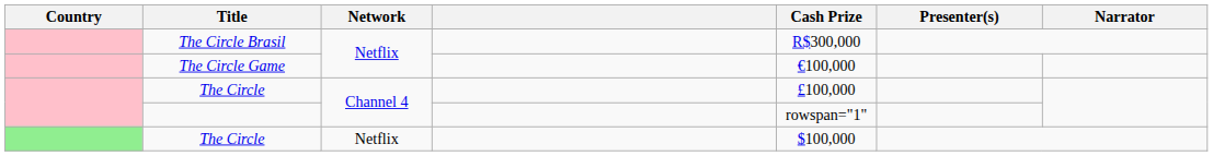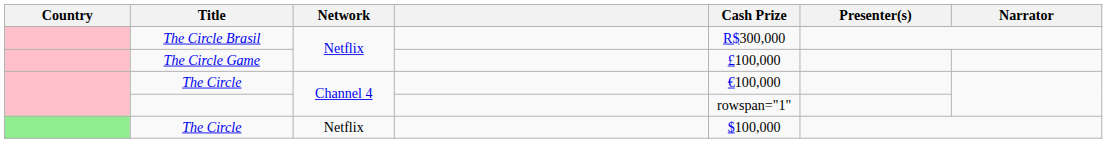 <table class="wikitable" style="text-align:center; line-height:18px;">
 <tr>
 <th scope="col" width="10%">Country</th>
 <th scope="col" width="13%">Title</th>
 <th scope="col" width="08%">Network</th>
 <th scope="col" width="25%"></th>
 <th scope="col" width="07%">Cash Prize</th>
 <th scope="col" width="12%">Presenter(s)</th>
 <th scope="col" width="12%">Narrator</th>
 </tr>
 <tr>
 <td align="left" bgcolor="#FFC0CB"></td>
 <td><em><a href='#'>The Circle Brasil</a></em></td>
 <td rowspan=2><a href='#'>Netflix</a></td>
 <td></td>
 <td><a href='#'>R$</a>300,000</td>
 <td colspan=2></td>
 </tr>
 <tr>
 <td align="left" bgcolor="#FFC0CB"></td>
 <td><em><a href='#'>The Circle Game</a></em></td>
 <td></td>
-<td><a href='#'>€</a>100,000</td>
+<td rowspan="1"><a href='#'>£</a>100,000</td>
 <td></td>
 <td></td>
 </tr>
 <tr>
 <td rowspan="2" align="left" bgcolor="#FFC0CB"></td>
 <td><em><a href='#'>The Circle</a></em></td>
 <td rowspan="2"><a href='#'>Channel 4</a></td>
 <td></td>
-<td rowspan="1"><a href='#'>£</a>100,000</td>
+<td><a href='#'>€</a>100,000</td>
 <td></td>
 <td rowspan="2"></td>
 </tr>
 <tr>
 <td><em> </em></td>
 <td></td>
 <td>rowspan="1" </td>
 <td></td>
 </tr>
 <tr>
 <td align="left" bgcolor="lightgreen"></td>
 <td><em><a href='#'>The Circle</a></em></td>
 <td>Netflix</td>
 <td></td>
 <td><a href='#'>$</a>100,000</td>
 <td colspan=2></td>
 </tr>
 </table>
